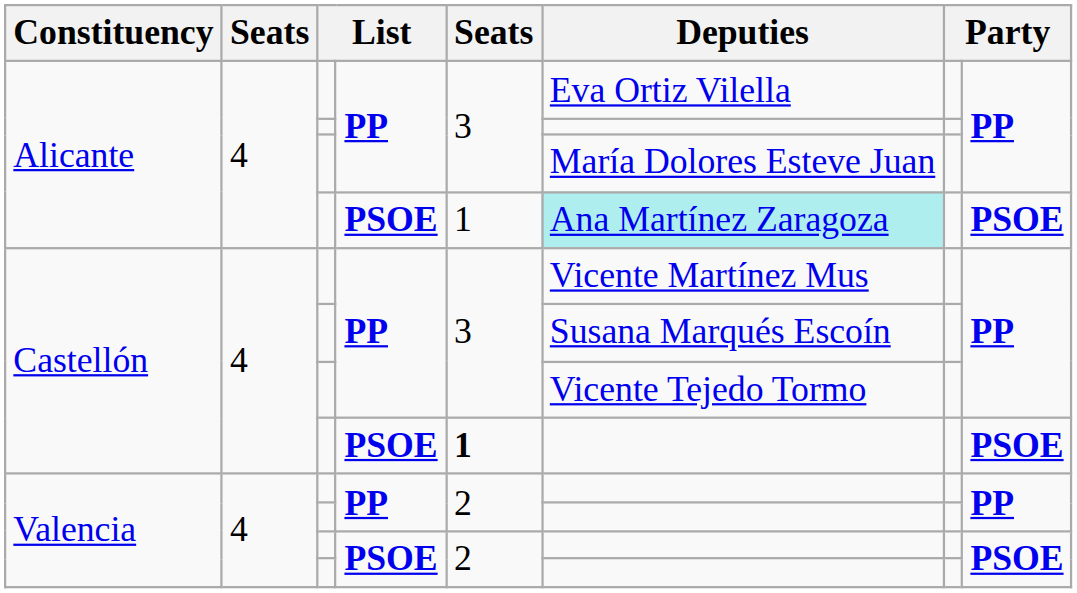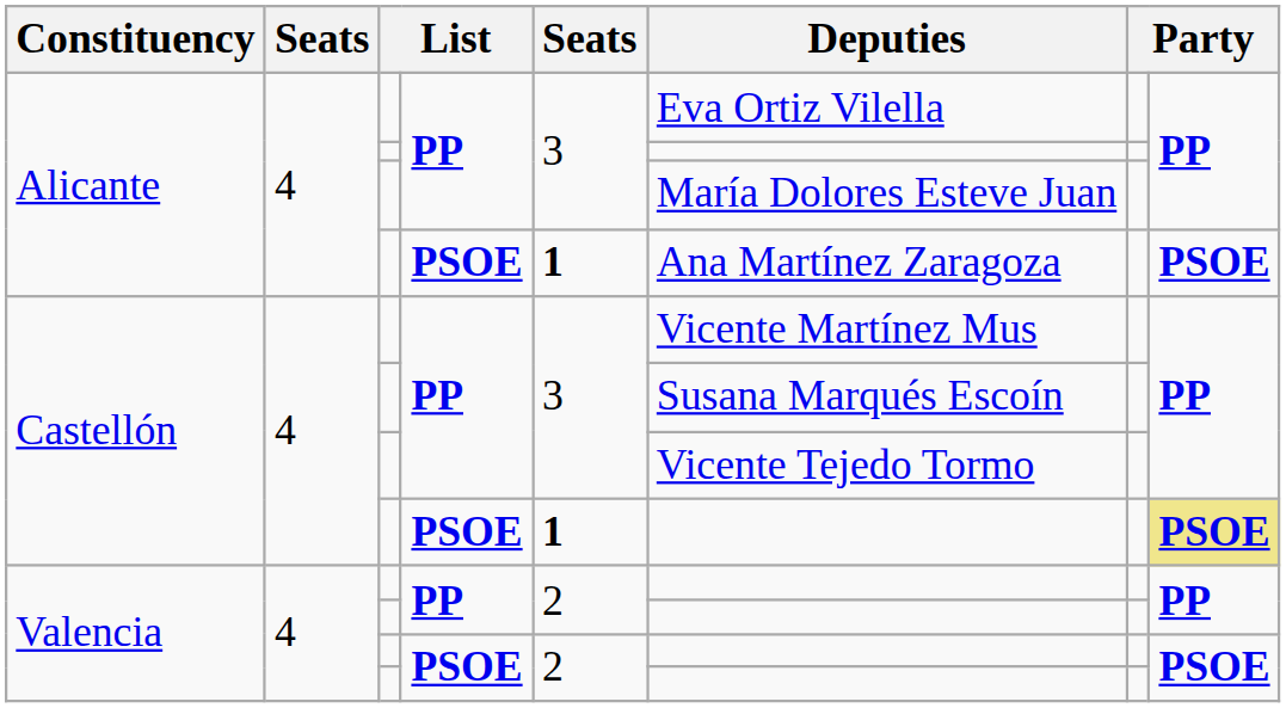 <table class="wikitable sortable">
 <tr>
 <th>Constituency</th>
 <th>Seats</th>
 <th colspan="2">List</th>
 <th>Seats</th>
 <th>Deputies</th>
 <th colspan="2">Party</th>
 </tr>
 <tr>
 <td rowspan="4"><a href='#'>Alicante</a></td>
 <td rowspan="4">4</td>
 <td></td>
 <td rowspan="3"><strong><a href='#'>PP</a></strong></td>
 <td rowspan="3">3</td>
 <td><a href='#'>Eva Ortiz Vilella</a></td>
 <td></td>
 <td rowspan="3"><strong><a href='#'>PP</a></strong></td>
 </tr>
 <tr>
 <td></td>
 <td></td>
 <td></td>
 </tr>
 <tr>
 <td></td>
 <td><a href='#'>María Dolores Esteve Juan</a></td>
 <td></td>
 </tr>
 <tr>
 <td width="1"></td>
 <td><strong><a href='#'>PSOE</a></strong></td>
-<td>1</td>
-<td style="background: paleturquoise;"><a href='#'>Ana Martínez Zaragoza</a></td>
+<td><strong>1</strong></td>
+<td><a href='#'>Ana Martínez Zaragoza</a></td>
 <td width="1"></td>
 <td><strong><a href='#'>PSOE</a></strong></td>
 </tr>
 <tr>
 <td rowspan="4"><a href='#'>Castellón</a></td>
 <td rowspan="4">4</td>
 <td></td>
 <td rowspan="3"><strong><a href='#'>PP</a></strong></td>
 <td rowspan="3">3</td>
 <td><a href='#'>Vicente Martínez Mus</a></td>
 <td></td>
 <td rowspan="3"><strong><a href='#'>PP</a></strong></td>
 </tr>
 <tr>
 <td></td>
 <td><a href='#'>Susana Marqués Escoín</a></td>
 <td></td>
 </tr>
 <tr>
 <td></td>
 <td><a href='#'>Vicente Tejedo Tormo</a></td>
 <td></td>
 </tr>
 <tr>
 <td width="1"></td>
 <td><strong><a href='#'>PSOE</a></strong></td>
 <td><strong>1</strong></td>
 <td></td>
 <td width="1"></td>
-<td><strong><a href='#'>PSOE</a></strong></td>
+<td style="background: khaki;"><strong><a href='#'>PSOE</a></strong></td>
 </tr>
 <tr>
 <td rowspan="4"><a href='#'>Valencia</a></td>
 <td rowspan="4">4</td>
 <td></td>
 <td rowspan="2"><strong><a href='#'>PP</a></strong></td>
 <td rowspan="2">2</td>
 <td></td>
 <td></td>
 <td rowspan="2"><strong><a href='#'>PP</a></strong></td>
 </tr>
 <tr>
 <td></td>
 <td></td>
 <td></td>
 </tr>
 <tr>
 <td width="1"></td>
 <td rowspan="2"><strong><a href='#'>PSOE</a></strong></td>
 <td rowspan="2">2</td>
 <td></td>
 <td width="1"></td>
 <td rowspan="2"><strong><a href='#'>PSOE</a></strong></td>
 </tr>
 <tr>
 <td width="1"></td>
 <td></td>
 <td width="1"></td>
 </tr>
 </table>
